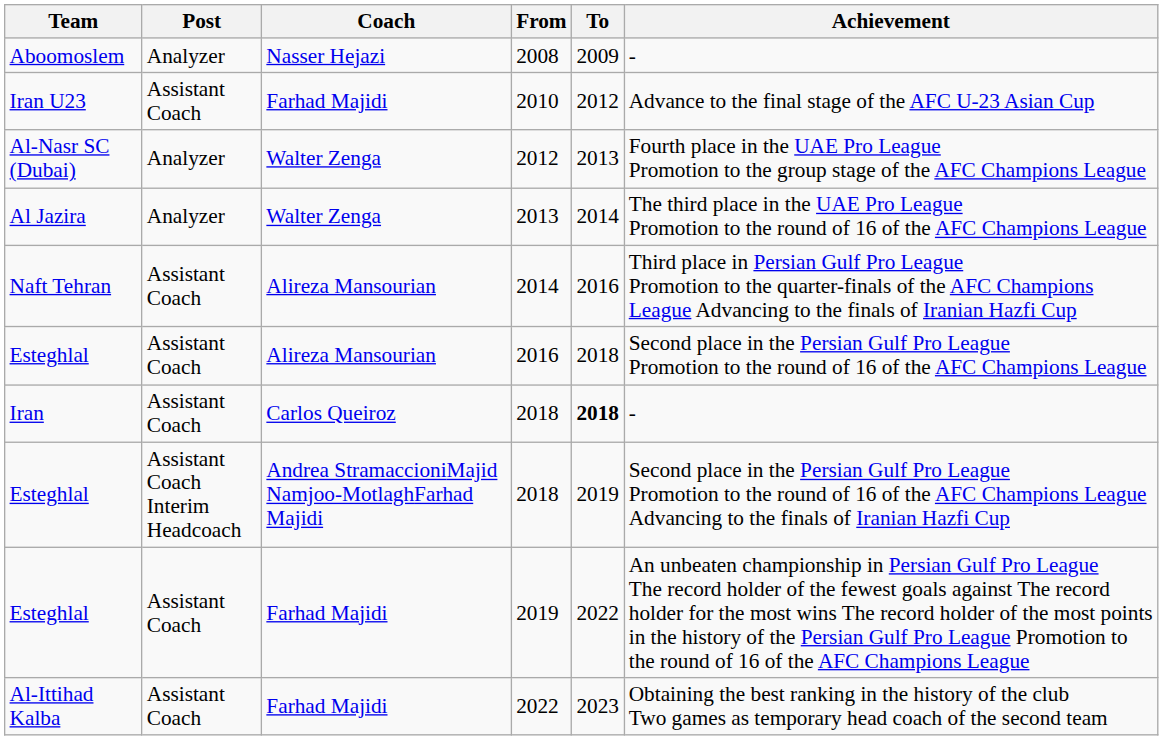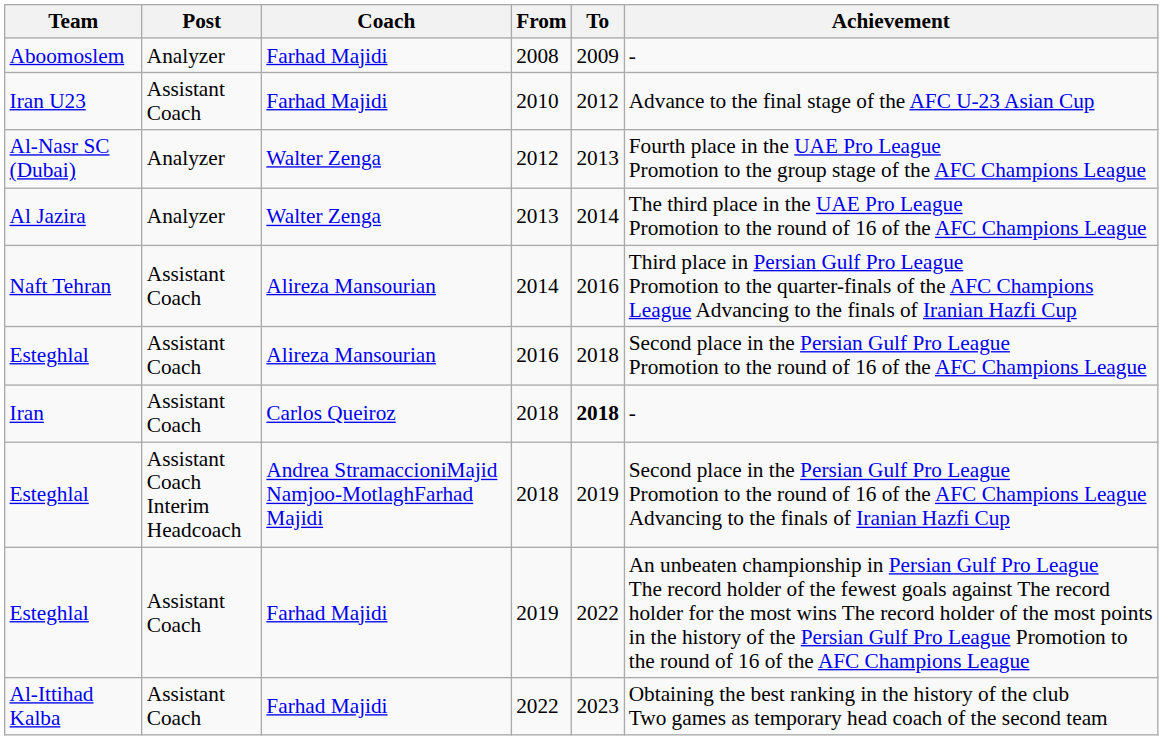 <table class="wikitable">
 <tr>
 <th>Team</th>
 <th>Post</th>
 <th>Coach</th>
 <th>From</th>
 <th>To</th>
 <th>Achievement</th>
 </tr>
 <tr>
 <td><a href='#'>Aboomoslem</a></td>
 <td>Analyzer</td>
-<td><a href='#'>Nasser Hejazi</a></td>
+<td><a href='#'>Farhad Majidi</a></td>
 <td>2008</td>
 <td>2009</td>
 <td>-</td>
 </tr>
 <tr>
 <td><a href='#'>Iran U23</a></td>
 <td>Assistant Coach</td>
 <td><a href='#'>Farhad Majidi</a></td>
 <td>2010</td>
 <td>2012</td>
 <td>Advance to the final stage of the <a href='#'>AFC U-23 Asian Cup</a></td>
 </tr>
 <tr>
 <td><a href='#'>Al-Nasr SC (Dubai)</a></td>
 <td>Analyzer</td>
 <td><a href='#'>Walter Zenga</a></td>
 <td>2012</td>
 <td>2013</td>
 <td>Fourth place in the <a href='#'>UAE Pro League</a><br>Promotion to the group stage of the <a href='#'>AFC Champions League</a></td>
 </tr>
 <tr>
 <td><a href='#'>Al Jazira</a></td>
 <td>Analyzer</td>
 <td><a href='#'>Walter Zenga</a></td>
 <td>2013</td>
 <td>2014</td>
 <td>The third place in the <a href='#'>UAE Pro League</a><br>Promotion to the round of 16 of the <a href='#'>AFC Champions League</a></td>
 </tr>
 <tr>
 <td><a href='#'>Naft Tehran</a></td>
 <td>Assistant Coach</td>
 <td><a href='#'>Alireza Mansourian</a></td>
 <td>2014</td>
 <td>2016</td>
 <td>Third place in <a href='#'>Persian Gulf Pro League</a><br>Promotion to the quarter-finals of the <a href='#'>AFC Champions League</a> Advancing to the finals of <a href='#'>Iranian Hazfi Cup</a></td>
 </tr>
 <tr>
 <td><a href='#'>Esteghlal</a></td>
 <td>Assistant Coach</td>
 <td><a href='#'>Alireza Mansourian</a></td>
 <td>2016</td>
 <td>2018</td>
 <td>Second place in the <a href='#'>Persian Gulf Pro League</a><br>Promotion to the round of 16 of the <a href='#'>AFC Champions League</a></td>
 </tr>
 <tr>
 <td><a href='#'>Iran</a></td>
 <td>Assistant Coach</td>
 <td><a href='#'>Carlos Queiroz</a></td>
 <td>2018</td>
 <td><strong>2018</strong></td>
 <td>-</td>
 </tr>
 <tr>
 <td><a href='#'>Esteghlal</a></td>
 <td>Assistant Coach<br>Interim Headcoach</td>
 <td><a href='#'>Andrea Stramaccioni</a><a href='#'>Majid Namjoo-Motlagh</a><a href='#'>Farhad Majidi</a></td>
 <td>2018</td>
 <td>2019</td>
 <td>Second place in the <a href='#'>Persian Gulf Pro League</a><br>Promotion to the round of 16 of the <a href='#'>AFC Champions League</a> Advancing to the finals of <a href='#'>Iranian Hazfi Cup</a></td>
 </tr>
 <tr>
 <td><a href='#'>Esteghlal</a></td>
 <td>Assistant Coach</td>
 <td><a href='#'>Farhad Majidi</a></td>
 <td>2019</td>
 <td>2022</td>
 <td>An unbeaten championship in <a href='#'>Persian Gulf Pro League</a><br>The record holder of the fewest goals against The record holder for the most wins The record holder of the most points in the history of the <a href='#'>Persian Gulf Pro League</a> Promotion to the round of 16 of the <a href='#'>AFC Champions League</a></td>
 </tr>
 <tr>
 <td><a href='#'>Al-Ittihad Kalba</a></td>
 <td>Assistant Coach</td>
 <td><a href='#'>Farhad Majidi</a></td>
 <td>2022</td>
 <td>2023</td>
 <td>Obtaining the best ranking in the history of the club<br>Two games as temporary head coach of the second team</td>
 </tr>
 </table>
